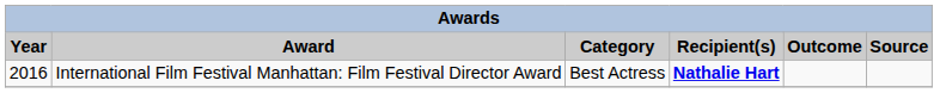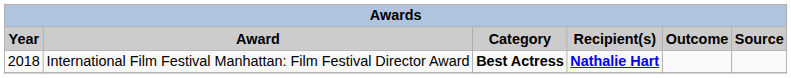 <table class="wikitable">
 <tr style="text-align:center;">
 <th colspan=6 style="background:#B0C4DE;">Awards</th>
 </tr>
 <tr style="text-align:center;">
 <th style="background:#ccc;">Year</th>
 <th style="background:#ccc;">Award</th>
 <th style="background:#ccc;">Category</th>
 <th style="background:#ccc;">Recipient(s)</th>
 <th style="background:#ccc;">Outcome</th>
 <th style="background:#ccc;">Source</th>
 </tr>
 <tr>
-<td>2016</td>
+<td>2018</td>
 <td>International Film Festival Manhattan: Film Festival Director Award</td>
-<td>Best Actress</td>
+<td><strong>Best Actress</strong></td>
 <td><strong><a href='#'>Nathalie Hart</a></strong></td>
 <td></td>
 <td></td>
 </tr>
 <tr>
 </tr>
 </table>
